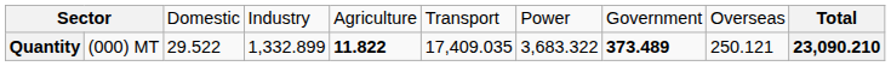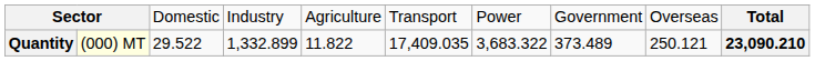 <table class="wikitable">
 <tr>
 <th colspan="2">Sector</th>
 <td>Domestic</td>
 <td>Industry</td>
 <td>Agriculture</td>
 <td>Transport</td>
 <td>Power</td>
 <td>Government</td>
 <td>Overseas</td>
 <th>Total</th>
 </tr>
 <tr>
 <th>Quantity</th>
-<td>(000) MT</td>
+<td style="background: lightyellow;">(000) MT</td>
 <td>29.522</td>
 <td>1,332.899</td>
-<td><strong>11.822</strong></td>
+<td>11.822</td>
 <td>17,409.035</td>
 <td>3,683.322</td>
-<td><strong>373.489</strong></td>
+<td>373.489</td>
 <td>250.121</td>
 <th>23,090.210</th>
 </tr>
 </table>
